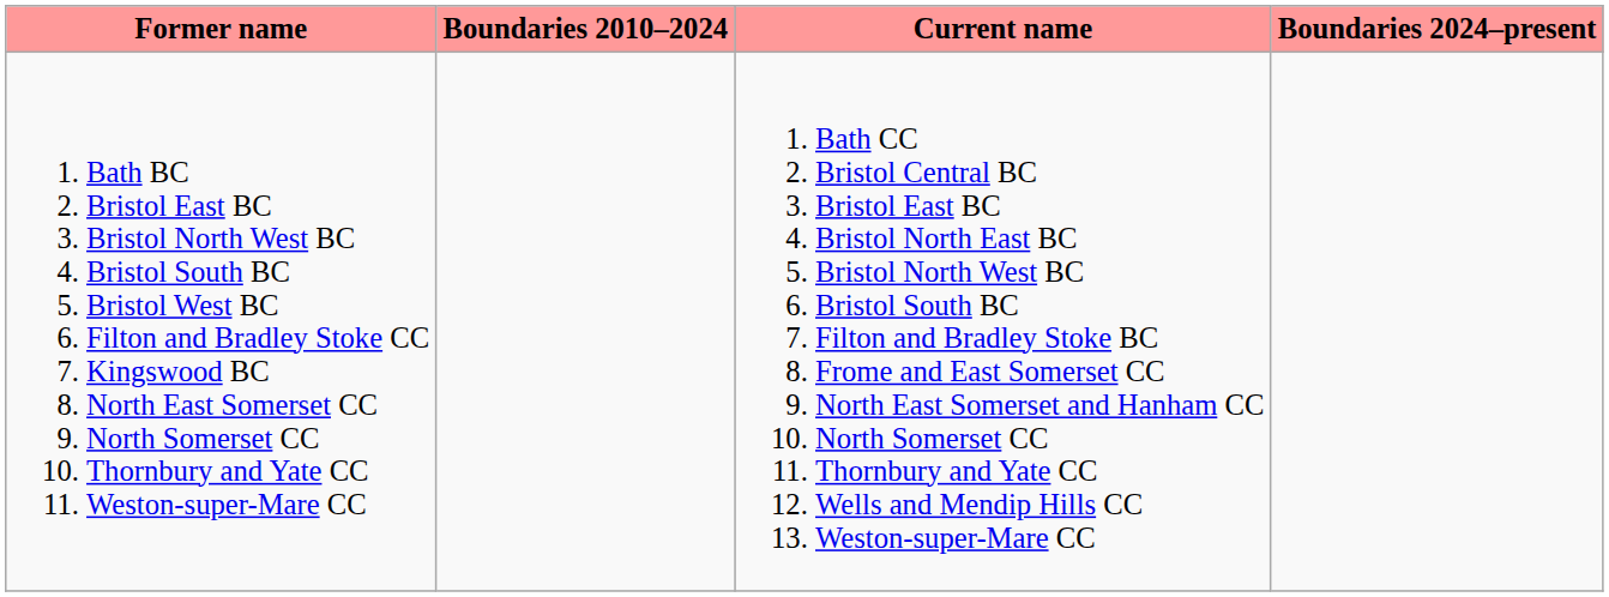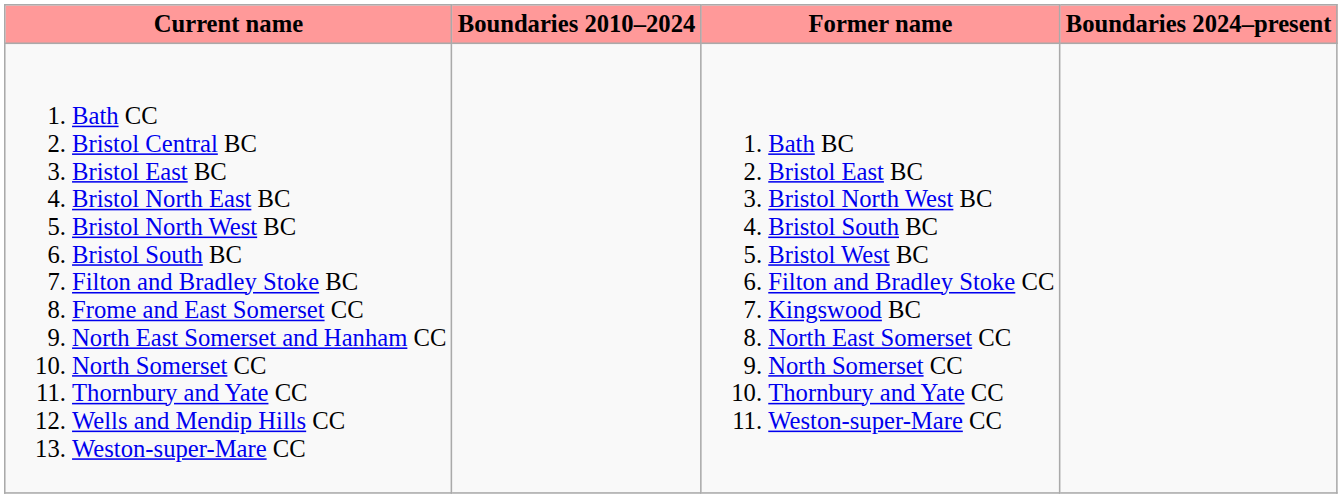 <table class="wikitable">
 <tr>
+<th style="background-color:#ff9999">Current name</th>
+<th style="background-color:#ff9999">Boundaries 2010–2024</th>
 <th style="background-color:#ff9999">Former name</th>
-<th style="background-color:#ff9999">Boundaries 2010–2024</th>
-<th style="background-color:#ff9999">Current name</th>
 <th style="background-color:#ff9999">Boundaries 2024–present</th>
 </tr>
 <tr>
+<td><br><ol><li><a href='#'>Bath</a> CC</li><li><a href='#'>Bristol Central</a> BC</li><li><a href='#'>Bristol East</a> BC</li><li><a href='#'>Bristol North East</a> BC</li><li><a href='#'>Bristol North West</a> BC</li><li><a href='#'>Bristol South</a> BC</li><li><a href='#'>Filton and Bradley Stoke</a> BC</li><li><a href='#'>Frome and East Somerset</a> CC</li><li><a href='#'>North East Somerset and Hanham</a> CC</li><li><a href='#'>North Somerset</a> CC</li><li><a href='#'>Thornbury and Yate</a> CC</li><li><a href='#'>Wells and Mendip Hills</a> CC</li><li><a href='#'>Weston-super-Mare</a> CC</li></ol></td>
+<td></td>
 <td><br><ol><li><a href='#'>Bath</a> BC</li><li><a href='#'>Bristol East</a> BC</li><li><a href='#'>Bristol North West</a> BC</li><li><a href='#'>Bristol South</a> BC</li><li><a href='#'>Bristol West</a> BC</li><li><a href='#'>Filton and Bradley Stoke</a> CC</li><li><a href='#'>Kingswood</a> BC</li><li><a href='#'>North East Somerset</a> CC</li><li><a href='#'>North Somerset</a> CC</li><li><a href='#'>Thornbury and Yate</a> CC</li><li><a href='#'>Weston-super-Mare</a> CC</li></ol></td>
-<td></td>
-<td><br><ol><li><a href='#'>Bath</a> CC</li><li><a href='#'>Bristol Central</a> BC</li><li><a href='#'>Bristol East</a> BC</li><li><a href='#'>Bristol North East</a> BC</li><li><a href='#'>Bristol North West</a> BC</li><li><a href='#'>Bristol South</a> BC</li><li><a href='#'>Filton and Bradley Stoke</a> BC</li><li><a href='#'>Frome and East Somerset</a> CC</li><li><a href='#'>North East Somerset and Hanham</a> CC</li><li><a href='#'>North Somerset</a> CC</li><li><a href='#'>Thornbury and Yate</a> CC</li><li><a href='#'>Wells and Mendip Hills</a> CC</li><li><a href='#'>Weston-super-Mare</a> CC</li></ol></td>
 <td></td>
 </tr>
 </table>
